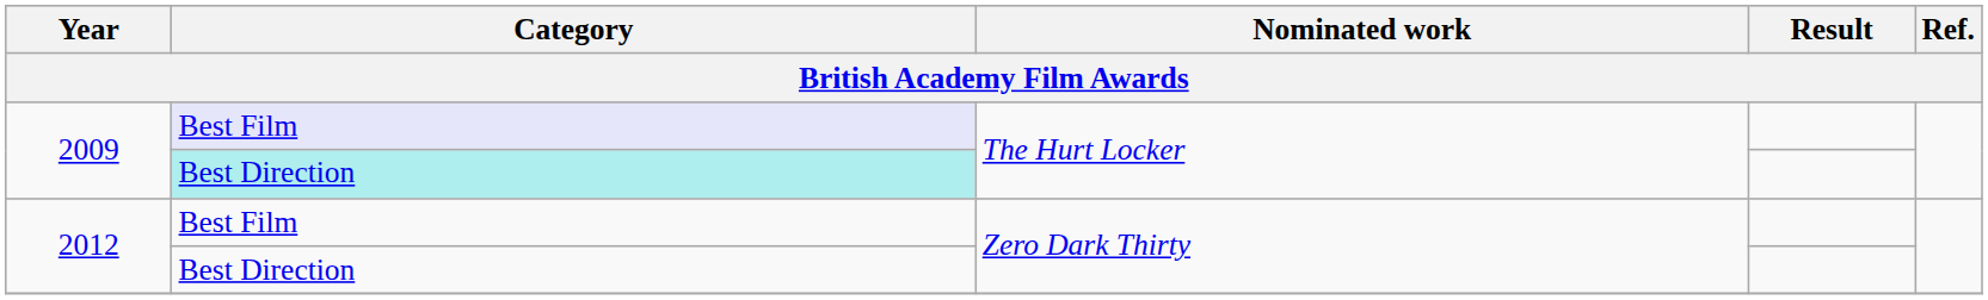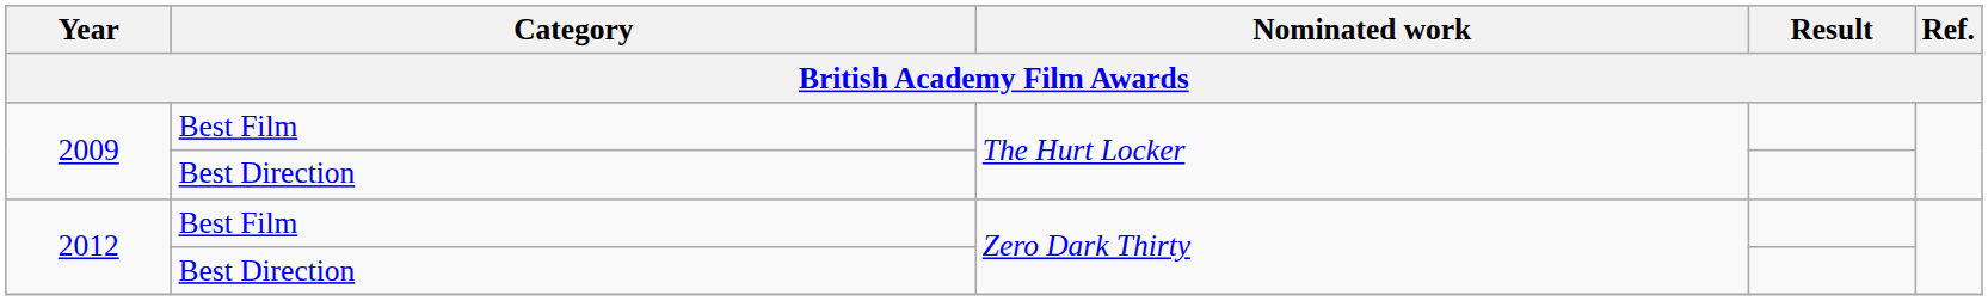 <table class=wikitable>
 <tr>
 <th scope="col" style="width:5em;">Year</th>
 <th scope="col" style="width:26em;">Category</th>
 <th scope="col" style="width:25em;">Nominated work</th>
 <th scope="col" style="width:5em;">Result</th>
 <th>Ref.</th>
 </tr>
 <tr>
 <th colspan=5><a href='#'>British Academy Film Awards</a></th>
 </tr>
 <tr>
 <td style="text-align:center;", rowspan=2><a href='#'>2009</a></td>
-<td style="background: lavender;"><a href='#'>Best Film</a></td>
+<td><a href='#'>Best Film</a></td>
 <td rowspan=2><em><a href='#'>The Hurt Locker</a></em></td>
 <td></td>
 <td style="text-align:center;", rowspan=2></td>
 </tr>
 <tr>
-<td style="background: paleturquoise;"><a href='#'>Best Direction</a></td>
+<td><a href='#'>Best Direction</a></td>
 <td></td>
 </tr>
 <tr>
 <td style="text-align:center;", rowspan=2><a href='#'>2012</a></td>
 <td><a href='#'>Best Film</a></td>
 <td rowspan=2><em><a href='#'>Zero Dark Thirty</a></em></td>
 <td></td>
 <td style="text-align:center;", rowspan=2></td>
 </tr>
 <tr>
 <td><a href='#'>Best Direction</a></td>
 <td></td>
 </tr>
 <tr>
 </tr>
 </table>
